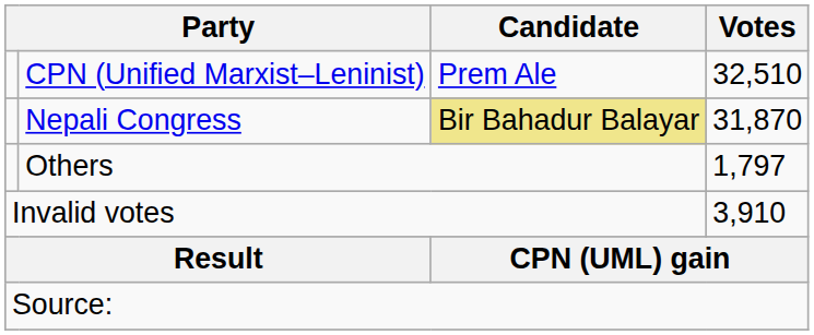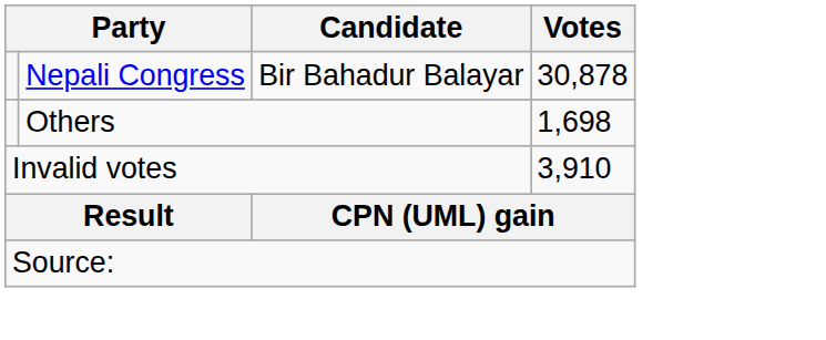 <table class="wikitable">
 <tr>
 <th colspan="2">Party</th>
 <th>Candidate</th>
 <th>Votes</th>
 </tr>
 <tr>
 <td style="background-color:"></td>
-<td><a href='#'>CPN (Unified Marxist–Leninist)</a></td>
-<td><a href='#'>Prem Ale</a></td>
-<td>32,510</td>
-</tr>
-<tr>
-<td style="background-color:"></td>
 <td><a href='#'>Nepali Congress</a></td>
-<td style="background: khaki;">Bir Bahadur Balayar</td>
-<td>31,870</td>
+<td>Bir Bahadur Balayar</td>
+<td>30,878</td>
 </tr>
 <tr>
 <td></td>
 <td colspan="2">Others</td>
-<td>1,797</td>
+<td>1,698</td>
 </tr>
 <tr>
 <td colspan="3">Invalid votes</td>
 <td>3,910</td>
 </tr>
 <tr>
 <th colspan="2">Result</th>
 <th colspan="2">CPN (UML) gain</th>
 </tr>
 <tr>
 <td colspan="4">Source: </td>
 </tr>
 </table>
